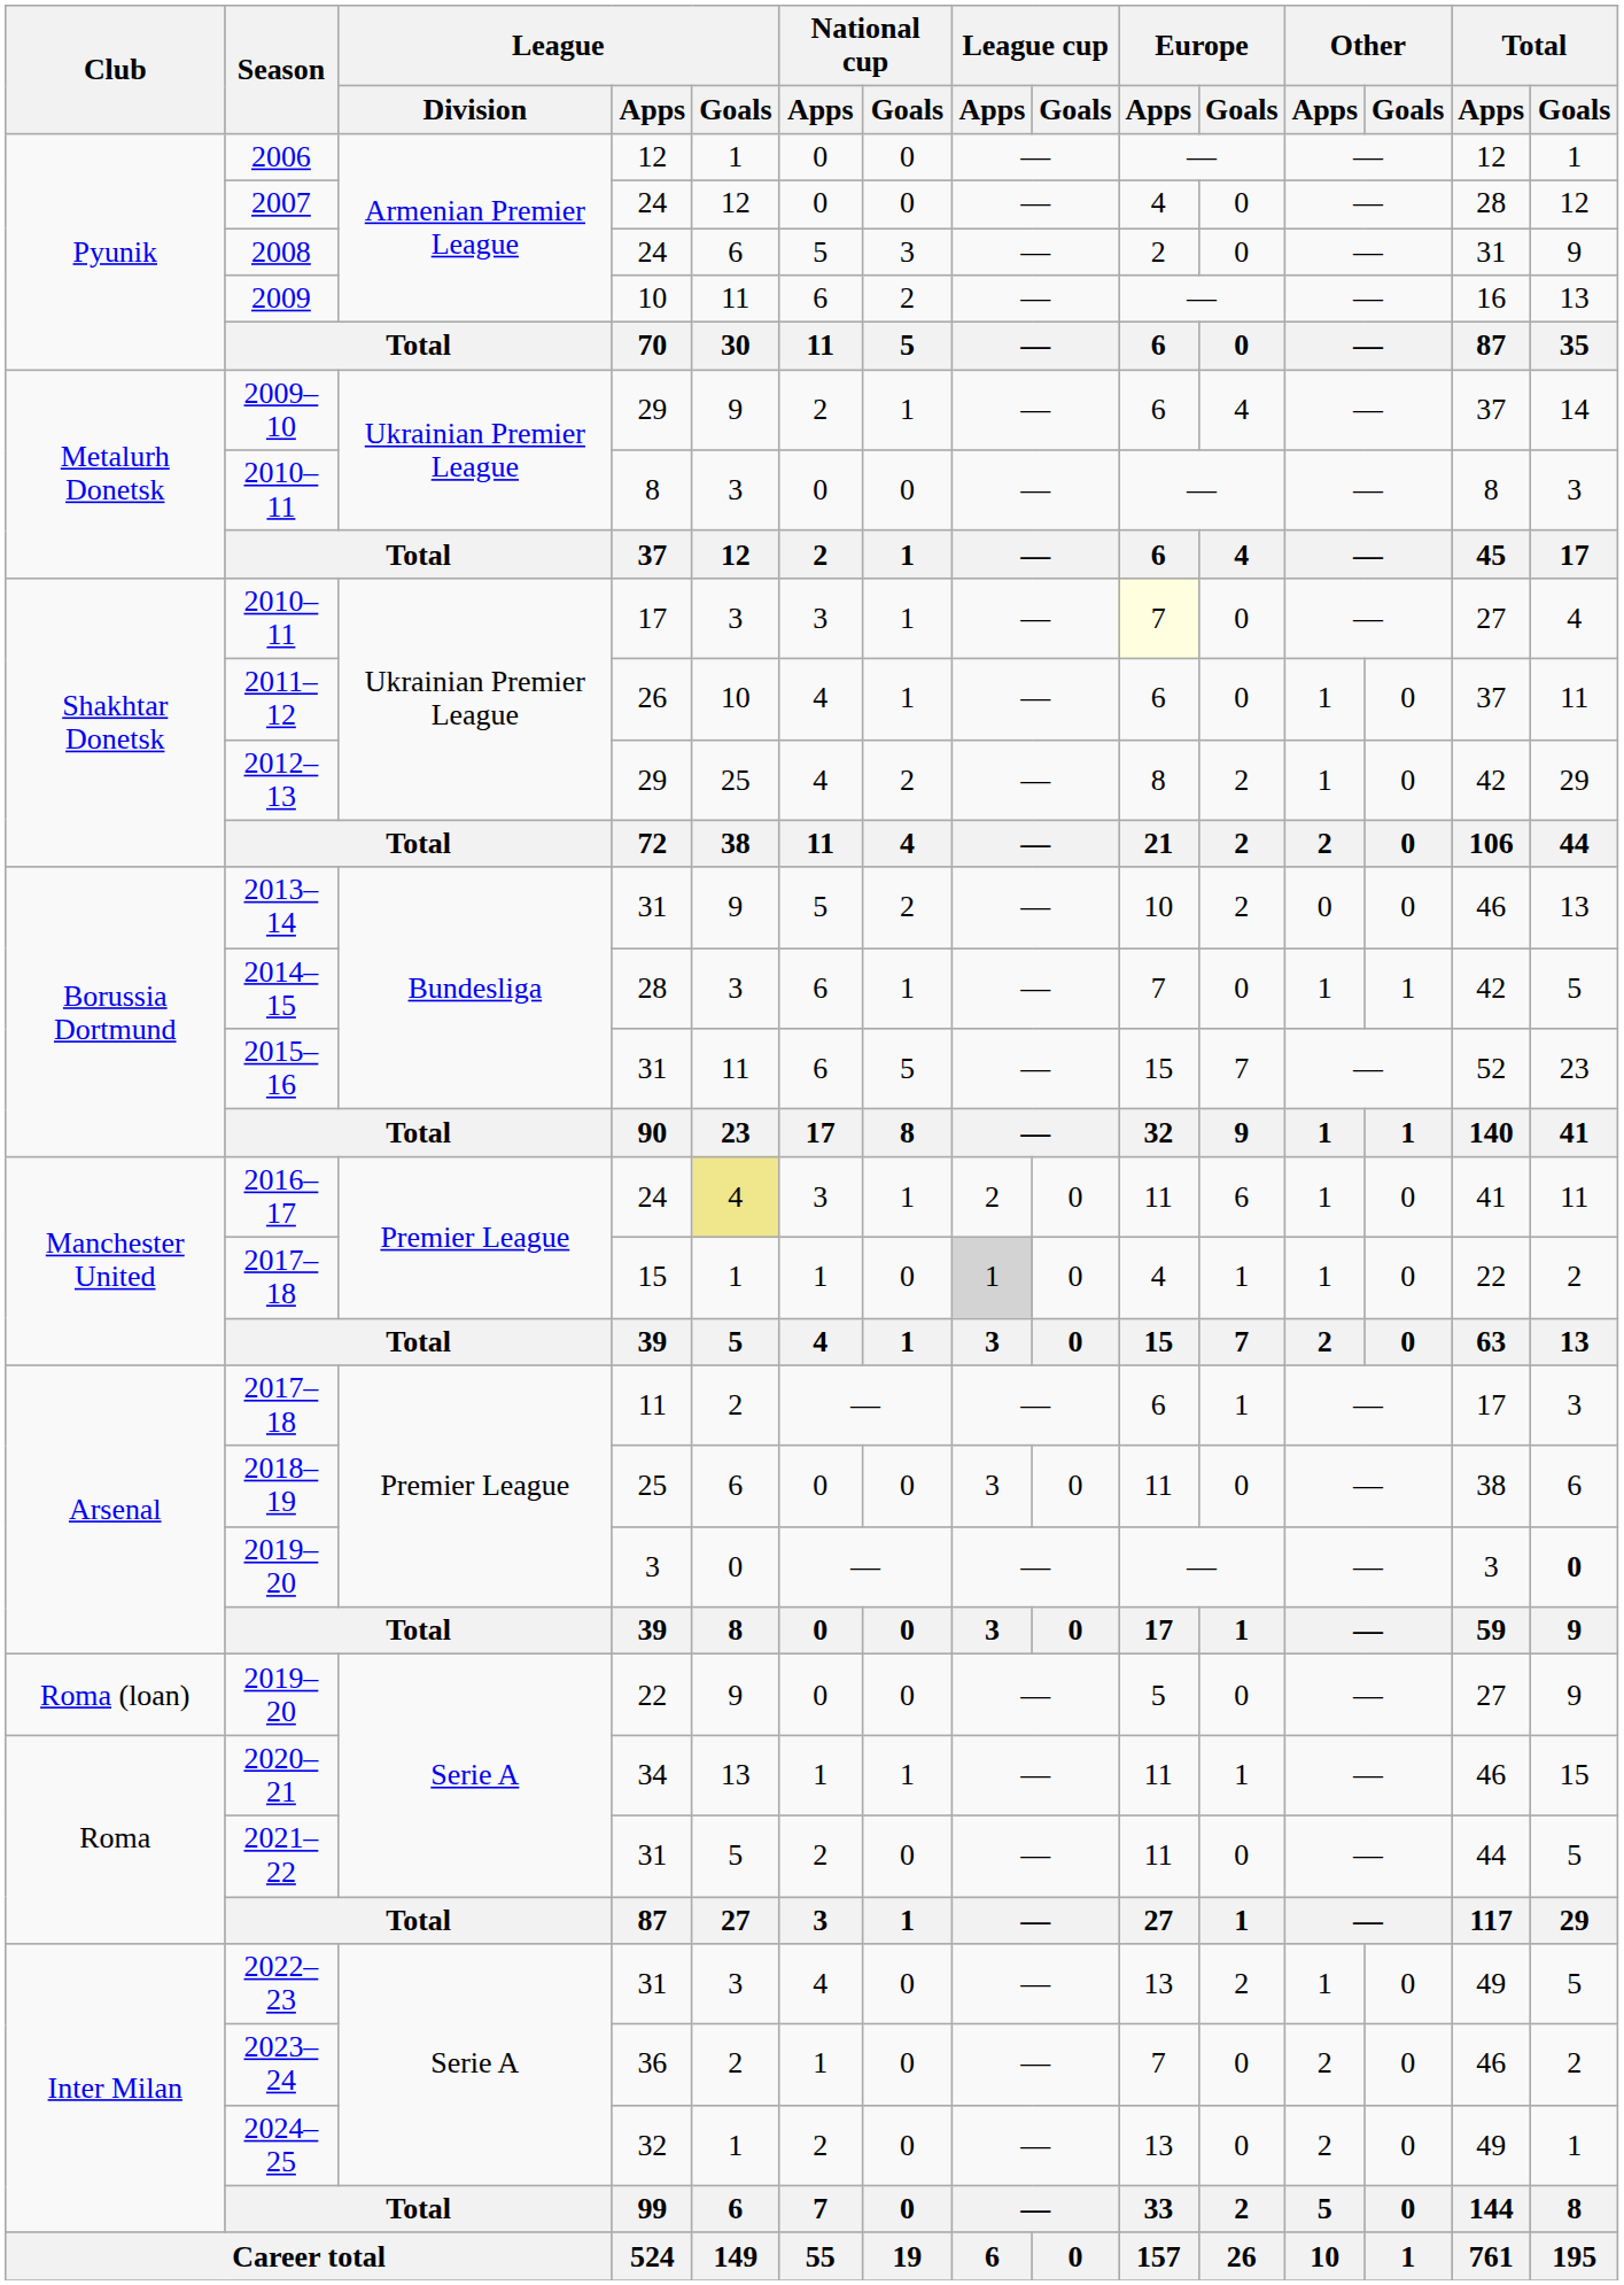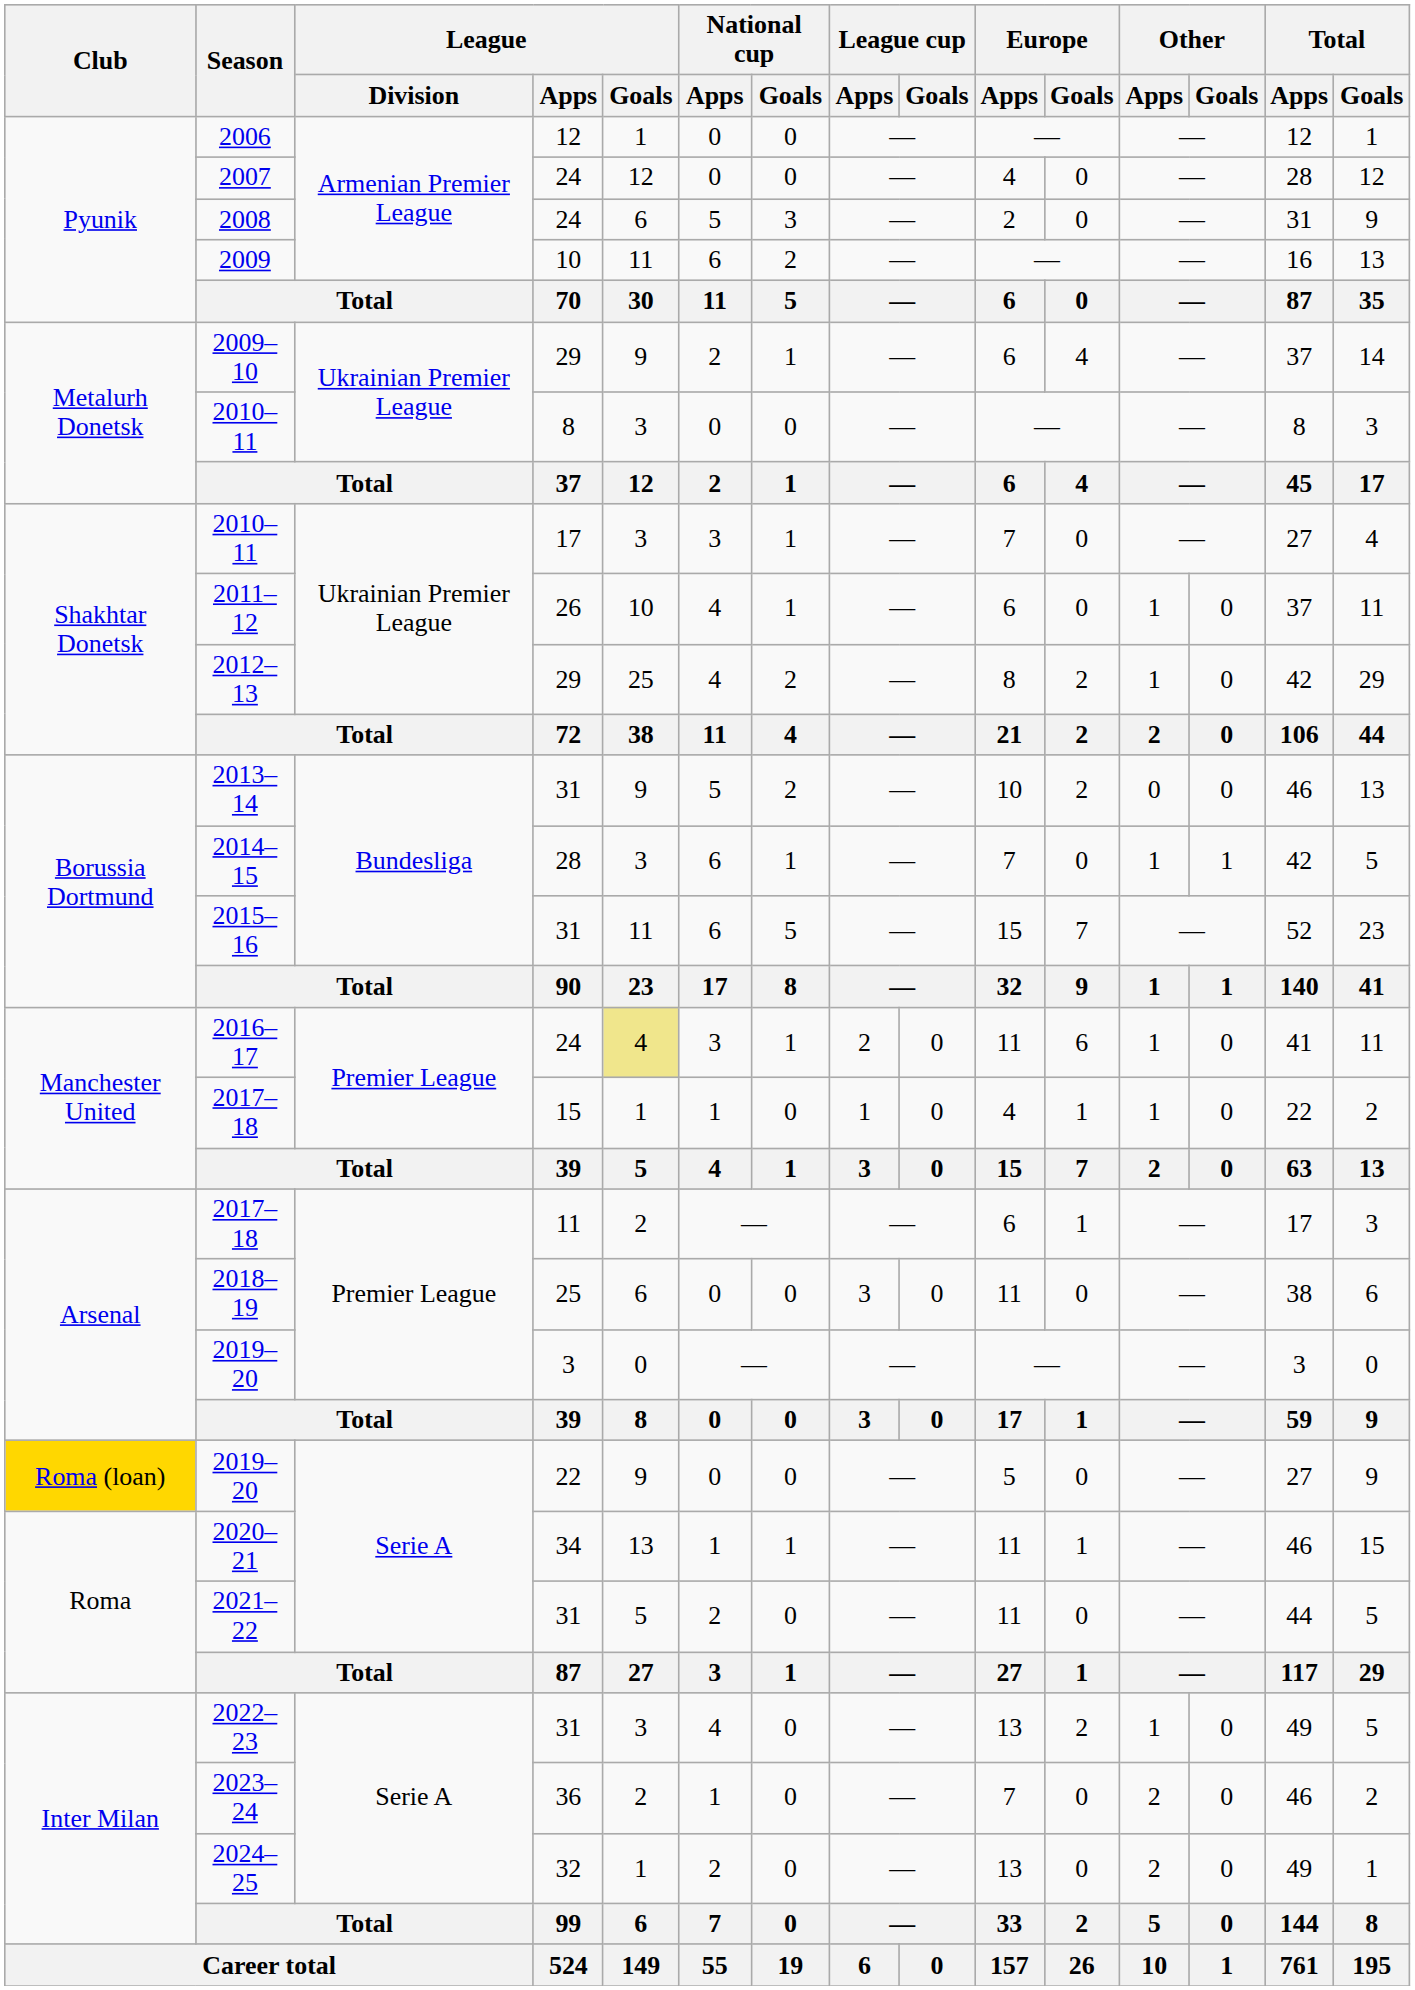 <table class="wikitable" style="text-align: center;">
 <tr>
 <th rowspan="2">Club</th>
 <th rowspan="2">Season</th>
 <th colspan="3">League</th>
 <th colspan="2">National cup</th>
 <th colspan="2">League cup</th>
 <th colspan="2">Europe</th>
 <th colspan="2">Other</th>
 <th colspan="2">Total</th>
 </tr>
 <tr>
 <th>Division</th>
 <th>Apps</th>
 <th>Goals</th>
 <th>Apps</th>
 <th>Goals</th>
 <th>Apps</th>
 <th>Goals</th>
 <th>Apps</th>
 <th>Goals</th>
 <th>Apps</th>
 <th>Goals</th>
 <th>Apps</th>
 <th>Goals</th>
 </tr>
 <tr>
 <td rowspan="5"><a href='#'>Pyunik</a></td>
 <td><a href='#'>2006</a></td>
 <td rowspan="4"><a href='#'>Armenian Premier League</a></td>
 <td>12</td>
 <td>1</td>
 <td>0</td>
 <td>0</td>
 <td colspan="2">—</td>
 <td colspan="2">—</td>
 <td colspan="2">—</td>
 <td>12</td>
 <td>1</td>
 </tr>
 <tr>
 <td><a href='#'>2007</a></td>
 <td>24</td>
 <td>12</td>
 <td>0</td>
 <td>0</td>
 <td colspan="2">—</td>
 <td>4</td>
 <td>0</td>
 <td colspan="2">—</td>
 <td>28</td>
 <td>12</td>
 </tr>
 <tr>
 <td><a href='#'>2008</a></td>
 <td>24</td>
 <td>6</td>
 <td>5</td>
 <td>3</td>
 <td colspan="2">—</td>
 <td>2</td>
 <td>0</td>
 <td colspan="2">—</td>
 <td>31</td>
 <td>9</td>
 </tr>
 <tr>
 <td><a href='#'>2009</a></td>
 <td>10</td>
 <td>11</td>
 <td>6</td>
 <td>2</td>
 <td colspan="2">—</td>
 <td colspan="2">—</td>
 <td colspan="2">—</td>
 <td>16</td>
 <td>13</td>
 </tr>
 <tr>
 <th colspan="2">Total</th>
 <th>70</th>
 <th>30</th>
 <th>11</th>
 <th>5</th>
 <th colspan="2">—</th>
 <th>6</th>
 <th>0</th>
 <th colspan="2">—</th>
 <th>87</th>
 <th>35</th>
 </tr>
 <tr>
 <td rowspan="3"><a href='#'>Metalurh Donetsk</a></td>
 <td><a href='#'>2009–10</a></td>
 <td rowspan="2"><a href='#'>Ukrainian Premier League</a></td>
 <td>29</td>
 <td>9</td>
 <td>2</td>
 <td>1</td>
 <td colspan="2">—</td>
 <td>6</td>
 <td>4</td>
 <td colspan="2">—</td>
 <td>37</td>
 <td>14</td>
 </tr>
 <tr>
 <td><a href='#'>2010–11</a></td>
 <td>8</td>
 <td>3</td>
 <td>0</td>
 <td>0</td>
 <td colspan="2">—</td>
 <td colspan="2">—</td>
 <td colspan="2">—</td>
 <td>8</td>
 <td>3</td>
 </tr>
 <tr>
 <th colspan="2">Total</th>
 <th>37</th>
 <th>12</th>
 <th>2</th>
 <th>1</th>
 <th colspan="2">—</th>
 <th>6</th>
 <th>4</th>
 <th colspan="2">—</th>
 <th>45</th>
 <th>17</th>
 </tr>
 <tr>
 <td rowspan="4"><a href='#'>Shakhtar Donetsk</a></td>
 <td><a href='#'>2010–11</a></td>
 <td rowspan="3">Ukrainian Premier League</td>
 <td>17</td>
 <td>3</td>
 <td>3</td>
 <td>1</td>
 <td colspan="2">—</td>
-<td style="background: lightyellow;">7</td>
+<td>7</td>
 <td>0</td>
 <td colspan="2">—</td>
 <td>27</td>
 <td>4</td>
 </tr>
 <tr>
 <td><a href='#'>2011–12</a></td>
 <td>26</td>
 <td>10</td>
 <td>4</td>
 <td>1</td>
 <td colspan="2">—</td>
 <td>6</td>
 <td>0</td>
 <td>1</td>
 <td>0</td>
 <td>37</td>
 <td>11</td>
 </tr>
 <tr>
 <td><a href='#'>2012–13</a></td>
 <td>29</td>
 <td>25</td>
 <td>4</td>
 <td>2</td>
 <td colspan="2">—</td>
 <td>8</td>
 <td>2</td>
 <td>1</td>
 <td>0</td>
 <td>42</td>
 <td>29</td>
 </tr>
 <tr>
 <th colspan="2">Total</th>
 <th>72</th>
 <th>38</th>
 <th>11</th>
 <th>4</th>
 <th colspan="2">—</th>
 <th>21</th>
 <th>2</th>
 <th>2</th>
 <th>0</th>
 <th>106</th>
 <th>44</th>
 </tr>
 <tr>
 <td rowspan="4"><a href='#'>Borussia Dortmund</a></td>
 <td><a href='#'>2013–14</a></td>
 <td rowspan="3"><a href='#'>Bundesliga</a></td>
 <td>31</td>
 <td>9</td>
 <td>5</td>
 <td>2</td>
 <td colspan="2">—</td>
 <td>10</td>
 <td>2</td>
 <td>0</td>
 <td>0</td>
 <td>46</td>
 <td>13</td>
 </tr>
 <tr>
 <td><a href='#'>2014–15</a></td>
 <td>28</td>
 <td>3</td>
 <td>6</td>
 <td>1</td>
 <td colspan="2">—</td>
 <td>7</td>
 <td>0</td>
 <td>1</td>
 <td>1</td>
 <td>42</td>
 <td>5</td>
 </tr>
 <tr>
 <td><a href='#'>2015–16</a></td>
 <td>31</td>
 <td>11</td>
 <td>6</td>
 <td>5</td>
 <td colspan="2">—</td>
 <td>15</td>
 <td>7</td>
 <td colspan="2">—</td>
 <td>52</td>
 <td>23</td>
 </tr>
 <tr>
 <th colspan="2">Total</th>
 <th>90</th>
 <th>23</th>
 <th>17</th>
 <th>8</th>
 <th colspan="2">—</th>
 <th>32</th>
 <th>9</th>
 <th>1</th>
 <th>1</th>
 <th>140</th>
 <th>41</th>
 </tr>
 <tr>
 <td rowspan="3"><a href='#'>Manchester United</a></td>
 <td><a href='#'>2016–17</a></td>
 <td rowspan="2"><a href='#'>Premier League</a></td>
 <td>24</td>
 <td style="background: khaki;">4</td>
 <td>3</td>
 <td>1</td>
 <td>2</td>
 <td>0</td>
 <td>11</td>
 <td>6</td>
 <td>1</td>
 <td>0</td>
 <td>41</td>
 <td>11</td>
 </tr>
 <tr>
 <td><a href='#'>2017–18</a></td>
 <td>15</td>
 <td>1</td>
 <td>1</td>
 <td>0</td>
-<td style="background: lightgrey;">1</td>
+<td>1</td>
 <td>0</td>
 <td>4</td>
 <td>1</td>
 <td>1</td>
 <td>0</td>
 <td>22</td>
 <td>2</td>
 </tr>
 <tr>
 <th colspan="2">Total</th>
 <th>39</th>
 <th>5</th>
 <th>4</th>
 <th>1</th>
 <th>3</th>
 <th>0</th>
 <th>15</th>
 <th>7</th>
 <th>2</th>
 <th>0</th>
 <th>63</th>
 <th>13</th>
 </tr>
 <tr>
 <td rowspan="4"><a href='#'>Arsenal</a></td>
 <td><a href='#'>2017–18</a></td>
 <td rowspan="3">Premier League</td>
 <td>11</td>
 <td>2</td>
 <td colspan="2">—</td>
 <td colspan="2">—</td>
 <td>6</td>
 <td>1</td>
 <td colspan="2">—</td>
 <td>17</td>
 <td>3</td>
 </tr>
 <tr>
 <td><a href='#'>2018–19</a></td>
 <td>25</td>
 <td>6</td>
 <td>0</td>
 <td>0</td>
 <td>3</td>
 <td>0</td>
 <td>11</td>
 <td>0</td>
 <td colspan="2">—</td>
 <td>38</td>
 <td>6</td>
 </tr>
 <tr>
 <td><a href='#'>2019–20</a></td>
 <td>3</td>
 <td>0</td>
 <td colspan="2">—</td>
 <td colspan="2">—</td>
 <td colspan="2">—</td>
 <td colspan="2">—</td>
 <td>3</td>
-<td><strong>0</strong></td>
+<td>0</td>
 </tr>
 <tr>
 <th colspan="2">Total</th>
 <th>39</th>
 <th>8</th>
 <th>0</th>
 <th>0</th>
 <th>3</th>
 <th>0</th>
 <th>17</th>
 <th>1</th>
 <th colspan="2">—</th>
 <th>59</th>
 <th>9</th>
 </tr>
 <tr>
-<td><a href='#'>Roma</a> (loan)</td>
+<td style="background: gold;"><a href='#'>Roma</a> (loan)</td>
 <td><a href='#'>2019–20</a></td>
 <td rowspan="3"><a href='#'>Serie A</a></td>
 <td>22</td>
 <td>9</td>
 <td>0</td>
 <td>0</td>
 <td colspan="2">—</td>
 <td>5</td>
 <td>0</td>
 <td colspan="2">—</td>
 <td>27</td>
 <td>9</td>
 </tr>
 <tr>
 <td rowspan="3">Roma</td>
 <td><a href='#'>2020–21</a></td>
 <td>34</td>
 <td>13</td>
 <td>1</td>
 <td>1</td>
 <td colspan="2">—</td>
 <td>11</td>
 <td>1</td>
 <td colspan="2">—</td>
 <td>46</td>
 <td>15</td>
 </tr>
 <tr>
 <td><a href='#'>2021–22</a></td>
 <td>31</td>
 <td>5</td>
 <td>2</td>
 <td>0</td>
 <td colspan="2">—</td>
 <td>11</td>
 <td>0</td>
 <td colspan="2">—</td>
 <td>44</td>
 <td>5</td>
 </tr>
 <tr>
 <th colspan="2">Total</th>
 <th>87</th>
 <th>27</th>
 <th>3</th>
 <th>1</th>
 <th colspan="2">—</th>
 <th>27</th>
 <th>1</th>
 <th colspan="2">—</th>
 <th>117</th>
 <th>29</th>
 </tr>
 <tr>
 <td rowspan="4"><a href='#'>Inter Milan</a></td>
 <td><a href='#'>2022–23</a></td>
 <td rowspan="3">Serie A</td>
 <td>31</td>
 <td>3</td>
 <td>4</td>
 <td>0</td>
 <td colspan="2">—</td>
 <td>13</td>
 <td>2</td>
 <td>1</td>
 <td>0</td>
 <td>49</td>
 <td>5</td>
 </tr>
 <tr>
 <td><a href='#'>2023–24</a></td>
 <td>36</td>
 <td>2</td>
 <td>1</td>
 <td>0</td>
 <td colspan="2">—</td>
 <td>7</td>
 <td>0</td>
 <td>2</td>
 <td>0</td>
 <td>46</td>
 <td>2</td>
 </tr>
 <tr>
 <td><a href='#'>2024–25</a></td>
 <td>32</td>
 <td>1</td>
 <td>2</td>
 <td>0</td>
 <td colspan="2">—</td>
 <td>13</td>
 <td>0</td>
 <td>2</td>
 <td>0</td>
 <td>49</td>
 <td>1</td>
 </tr>
 <tr>
 <th colspan="2">Total</th>
 <th>99</th>
 <th>6</th>
 <th>7</th>
 <th>0</th>
 <th colspan="2">—</th>
 <th>33</th>
 <th>2</th>
 <th>5</th>
 <th>0</th>
 <th>144</th>
 <th>8</th>
 </tr>
 <tr>
 <th colspan="3">Career total</th>
 <th>524</th>
 <th>149</th>
 <th>55</th>
 <th>19</th>
 <th>6</th>
 <th>0</th>
 <th>157</th>
 <th>26</th>
 <th>10</th>
 <th>1</th>
 <th>761</th>
 <th>195</th>
 </tr>
 </table>
